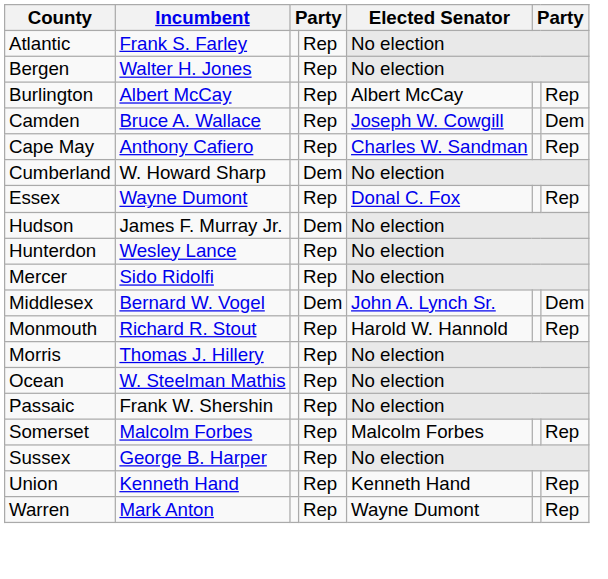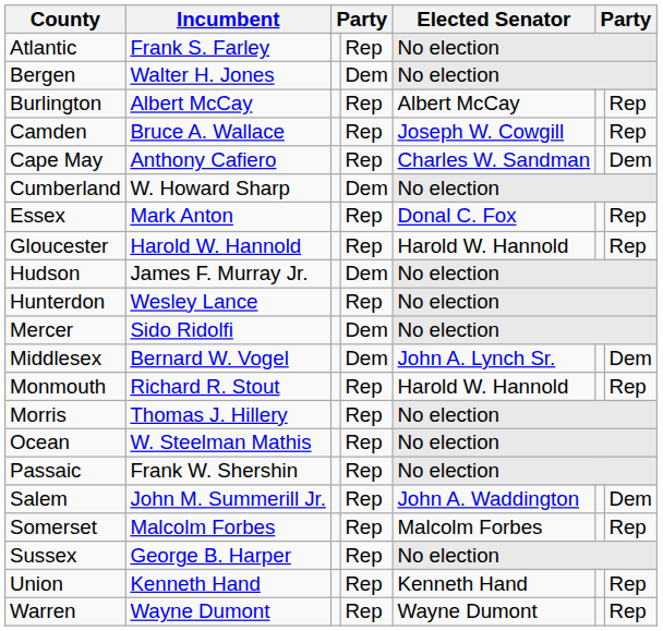 <table class="sortable wikitable" style="font-size:95%;line-height:14px;">
 <tr>
 <th>County</th>
 <th class="unsortable"><a href='#'>Incumbent</a></th>
 <th colspan="2">Party</th>
 <th>Elected Senator</th>
 <th colspan="2">Party</th>
 </tr>
 <tr>
 <td>Atlantic</td>
 <td><a href='#'>Frank S. Farley</a></td>
 <td style="background:"></td>
 <td>Rep</td>
 <td colspan="3"  style="background:#E9E9E9;">No election</td>
 </tr>
 <tr>
 <td>Bergen</td>
 <td><a href='#'>Walter H. Jones</a></td>
 <td style="background:"></td>
-<td>Rep</td>
+<td>Dem</td>
 <td colspan="3"  style="background:#E9E9E9;">No election</td>
 </tr>
 <tr>
 <td>Burlington</td>
 <td><a href='#'>Albert McCay</a></td>
 <td style="background:"></td>
 <td>Rep</td>
 <td>Albert McCay</td>
 <td style="background:"></td>
 <td>Rep</td>
 </tr>
 <tr>
 <td>Camden</td>
 <td><a href='#'>Bruce A. Wallace</a></td>
 <td style="background:"></td>
 <td>Rep</td>
 <td><a href='#'>Joseph W. Cowgill</a></td>
 <td style="background:"></td>
-<td>Dem</td>
+<td>Rep</td>
 </tr>
 <tr>
 <td>Cape May</td>
 <td><a href='#'>Anthony Cafiero</a></td>
 <td style="background:"></td>
 <td>Rep</td>
 <td><a href='#'>Charles W. Sandman</a></td>
 <td style="background:"></td>
-<td>Rep</td>
+<td>Dem</td>
 </tr>
 <tr>
 <td>Cumberland</td>
 <td>W. Howard Sharp</td>
 <td style="background:"></td>
 <td>Dem</td>
 <td colspan="3"  style="background:#E9E9E9;">No election</td>
 </tr>
 <tr>
 <td>Essex</td>
-<td><a href='#'>Wayne Dumont</a></td>
+<td><a href='#'>Mark Anton</a></td>
 <td style="background:"></td>
 <td>Rep</td>
 <td><a href='#'>Donal C. Fox</a></td>
+<td style="background:"></td>
+<td>Rep</td>
+</tr>
+<tr>
+<td>Gloucester</td>
+<td><a href='#'>Harold W. Hannold</a></td>
+<td style="background:"></td>
+<td>Rep</td>
+<td>Harold W. Hannold</td>
 <td style="background:"></td>
 <td>Rep</td>
 </tr>
 <tr>
 <td>Hudson</td>
 <td>James F. Murray Jr.</td>
 <td style="background:"></td>
 <td>Dem</td>
 <td colspan="3"  style="background:#E9E9E9;">No election</td>
 </tr>
 <tr>
 <td>Hunterdon</td>
 <td><a href='#'>Wesley Lance</a></td>
 <td style="background:"></td>
 <td>Rep</td>
 <td colspan="3"  style="background:#E9E9E9;">No election</td>
 </tr>
 <tr>
 <td>Mercer</td>
 <td><a href='#'>Sido Ridolfi</a></td>
 <td style="background:"></td>
-<td>Rep</td>
+<td>Dem</td>
 <td colspan="3"  style="background:#E9E9E9;">No election</td>
 </tr>
 <tr>
 <td>Middlesex</td>
 <td><a href='#'>Bernard W. Vogel</a></td>
 <td style="background:"></td>
 <td>Dem</td>
 <td><a href='#'>John A. Lynch Sr.</a></td>
 <td style="background:"></td>
 <td>Dem</td>
 </tr>
 <tr>
 <td>Monmouth</td>
 <td><a href='#'>Richard R. Stout</a></td>
 <td style="background:"></td>
 <td>Rep</td>
 <td>Harold W. Hannold</td>
 <td style="background:"></td>
 <td>Rep</td>
 </tr>
 <tr>
 <td>Morris</td>
 <td><a href='#'>Thomas J. Hillery</a></td>
 <td style="background:"></td>
 <td>Rep</td>
 <td colspan="3"  style="background:#E9E9E9;">No election</td>
 </tr>
 <tr>
 <td>Ocean</td>
 <td><a href='#'>W. Steelman Mathis</a></td>
 <td style="background:"></td>
 <td>Rep</td>
 <td colspan="3"  style="background:#E9E9E9;">No election</td>
 </tr>
 <tr>
 <td>Passaic</td>
 <td>Frank W. Shershin</td>
 <td style="background:"></td>
 <td>Rep</td>
 <td colspan="3"  style="background:#E9E9E9;">No election</td>
 </tr>
 <tr>
+<td>Salem</td>
+<td><a href='#'>John M. Summerill Jr.</a></td>
+<td style="background:"></td>
+<td>Rep</td>
+<td><a href='#'>John A. Waddington</a></td>
+<td style="background:"></td>
+<td>Dem</td>
+</tr>
+<tr>
 <td>Somerset</td>
 <td><a href='#'>Malcolm Forbes</a></td>
 <td style="background:"></td>
 <td>Rep</td>
 <td>Malcolm Forbes</td>
 <td style="background:"></td>
 <td>Rep</td>
 </tr>
 <tr>
 <td>Sussex</td>
 <td><a href='#'>George B. Harper</a></td>
 <td style="background:"></td>
 <td>Rep</td>
 <td colspan="3"  style="background:#E9E9E9;">No election</td>
 </tr>
 <tr>
 <td>Union</td>
 <td><a href='#'>Kenneth Hand</a></td>
 <td style="background:"></td>
 <td>Rep</td>
 <td>Kenneth Hand</td>
 <td style="background:"></td>
 <td>Rep</td>
 </tr>
 <tr>
 <td>Warren</td>
-<td><a href='#'>Mark Anton</a></td>
+<td><a href='#'>Wayne Dumont</a></td>
 <td style="background:"></td>
 <td>Rep</td>
 <td>Wayne Dumont</td>
 <td style="background:"></td>
 <td>Rep</td>
 </tr>
 </table>
